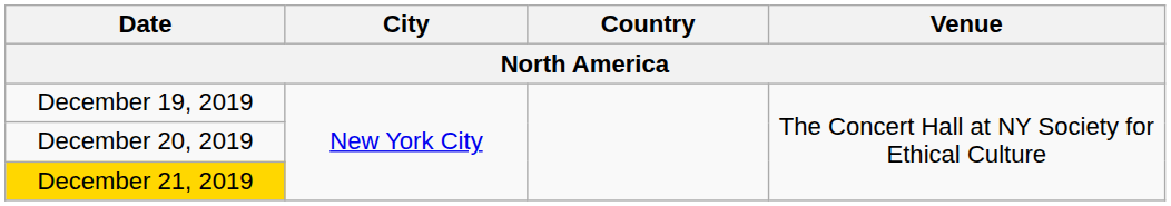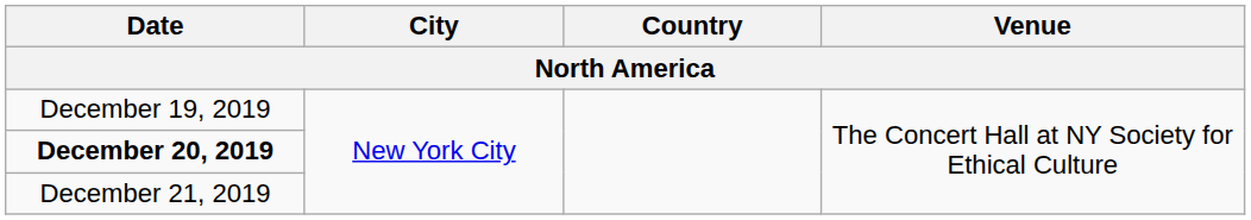 <table class="wikitable" style="text-align:center;">
 <tr>
 <th style="width:175px;">Date</th>
 <th style="width:150px;">City</th>
 <th style="width:150px;">Country</th>
 <th style="width:250px;">Venue</th>
 </tr>
 <tr>
 <th colspan="4">North America</th>
 </tr>
 <tr>
 <td>December 19, 2019</td>
 <td rowspan="3"><a href='#'>New York City</a></td>
 <td rowspan="3"></td>
 <td rowspan="3">The Concert Hall at NY Society for Ethical Culture</td>
 </tr>
 <tr>
-<td>December 20, 2019</td>
+<td><strong>December 20, 2019</strong></td>
 </tr>
 <tr>
-<td style="background: gold;">December 21, 2019</td>
+<td>December 21, 2019</td>
 </tr>
 </table>
